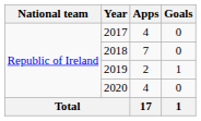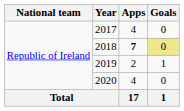 <table class=wikitable style="text-align: center;">
 <tr>
 <th>National team</th>
 <th>Year</th>
 <th>Apps</th>
 <th>Goals</th>
 </tr>
 <tr>
 <td rowspan="4"><a href='#'>Republic of Ireland</a></td>
 <td>2017</td>
 <td>4</td>
 <td>0</td>
 </tr>
 <tr>
 <td>2018</td>
-<td>7</td>
-<td>0</td>
+<td><strong>7</strong></td>
+<td style="background: khaki;">0</td>
 </tr>
 <tr>
 <td>2019</td>
 <td>2</td>
 <td>1</td>
 </tr>
 <tr>
 <td>2020</td>
 <td>4</td>
 <td>0</td>
 </tr>
 <tr>
 <th colspan="2">Total</th>
 <th>17</th>
 <th>1</th>
 </tr>
 </table>
